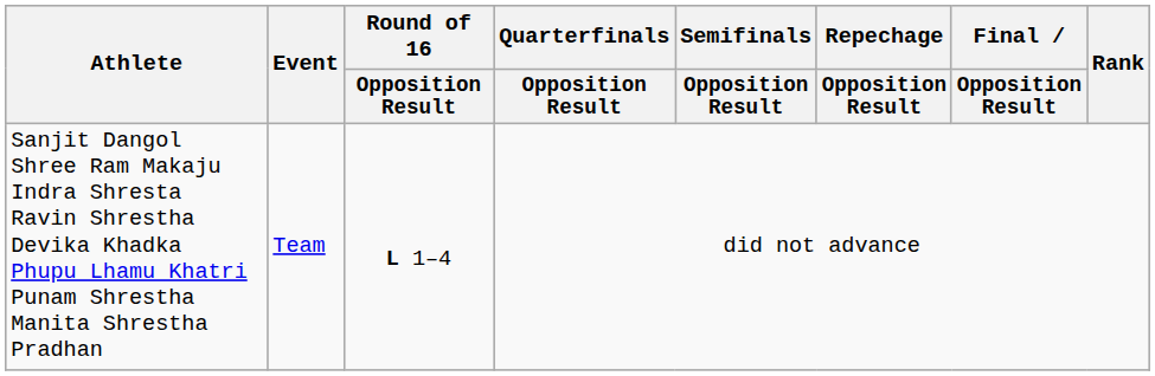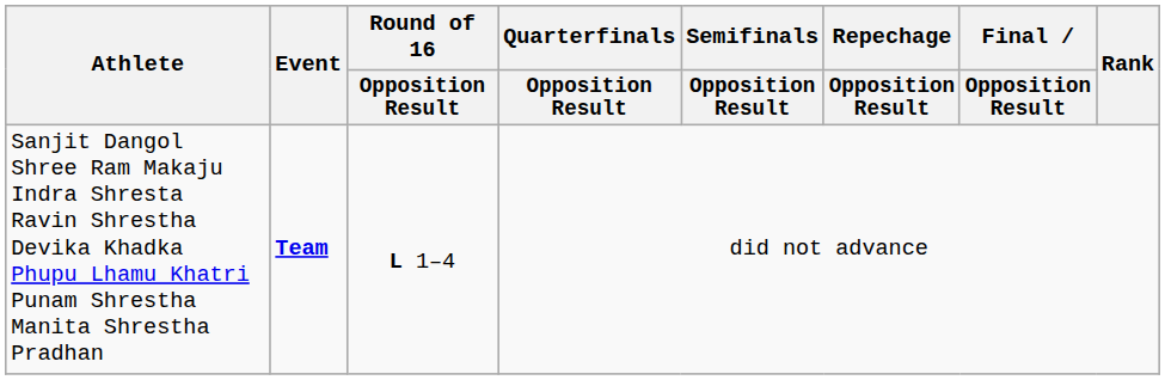 <table class=wikitable style=font-size:90%;text-align:center>
 <tr>
 <th rowspan="2">Athlete</th>
 <th rowspan="2">Event</th>
 <th>Round of 16</th>
 <th>Quarterfinals</th>
 <th>Semifinals</th>
 <th>Repechage</th>
 <th>Final / </th>
 <th rowspan=2>Rank</th>
 </tr>
 <tr style="font-size:95%">
 <th>Opposition<br>Result</th>
 <th>Opposition<br>Result</th>
 <th>Opposition<br>Result</th>
 <th>Opposition<br>Result</th>
 <th>Opposition<br>Result</th>
 </tr>
 <tr>
 <td align=left>Sanjit Dangol<br>Shree Ram Makaju<br>Indra Shresta<br>Ravin Shrestha<br>Devika Khadka<br><a href='#'>Phupu Lhamu Khatri</a><br>Punam Shrestha<br>Manita Shrestha Pradhan</td>
-<td align=left><a href='#'>Team</a></td>
+<td align=left><strong><a href='#'>Team</a></strong></td>
 <td><br><strong>L</strong> 1–4</td>
 <td colspan=5>did not advance</td>
 </tr>
 </table>
